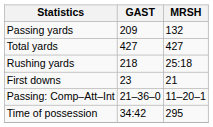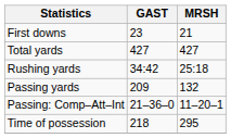 <table class="wikitable" style="float: left;">
 <tr>
 <th>Statistics</th>
 <th>GAST</th>
 <th>MRSH</th>
 </tr>
 <tr>
-<td>Passing yards</td>
-<td>209</td>
-<td>132</td>
+<td>First downs</td>
+<td>23</td>
+<td>21</td>
 </tr>
 <tr>
 <td>Total yards</td>
 <td>427</td>
 <td>427</td>
 </tr>
 <tr>
 <td>Rushing yards</td>
-<td>218</td>
+<td>34:42</td>
 <td>25:18</td>
 </tr>
 <tr>
-<td>First downs</td>
-<td>23</td>
-<td>21</td>
+<td>Passing yards</td>
+<td>209</td>
+<td>132</td>
 </tr>
 <tr>
 <td>Passing: Comp–Att–Int</td>
 <td>21–36–0</td>
 <td>11–20–1</td>
 </tr>
 <tr>
 <td>Time of possession</td>
-<td>34:42</td>
+<td>218</td>
 <td>295</td>
 </tr>
 <tr>
 </tr>
 </table>
